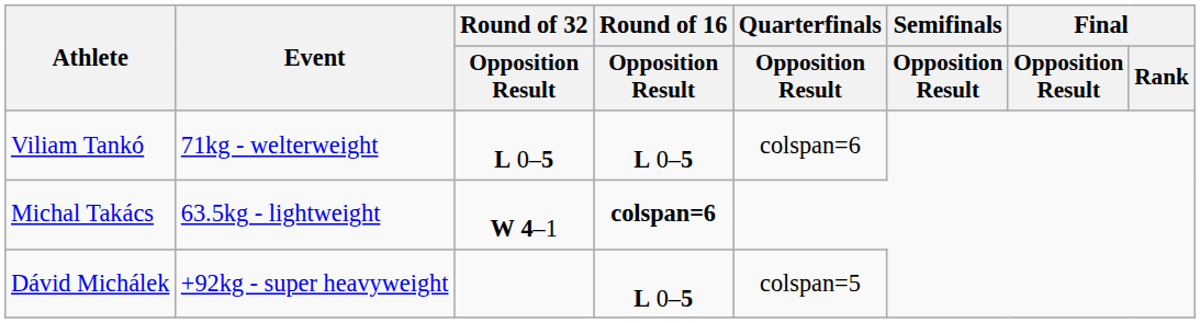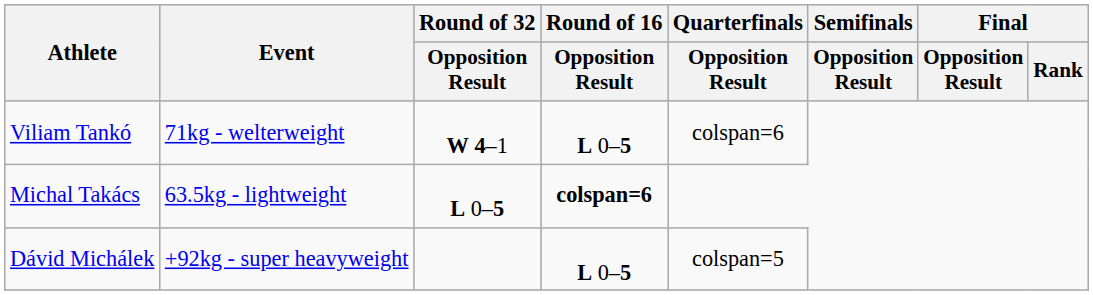 <table class="wikitable" style="font-size:90%">
 <tr>
 <th rowspan="2">Athlete</th>
 <th rowspan="2">Event</th>
 <th>Round of 32</th>
 <th>Round of 16</th>
 <th>Quarterfinals</th>
 <th>Semifinals</th>
 <th colspan=2>Final</th>
 </tr>
 <tr style="font-size:95%">
 <th>Opposition<br>Result</th>
 <th>Opposition<br>Result</th>
 <th>Opposition<br>Result</th>
 <th>Opposition<br>Result</th>
 <th>Opposition<br>Result</th>
 <th>Rank</th>
 </tr>
 <tr align=center>
 <td align=left><a href='#'>Viliam Tankó</a></td>
 <td align=left><a href='#'>71kg - welterweight</a></td>
-<td><br> <strong>L</strong> 0–<strong>5</strong></td>
+<td><br> <strong>W</strong> <strong>4</strong>–1</td>
 <td><br> <strong>L</strong> 0–<strong>5</strong></td>
 <td>colspan=6 </td>
 </tr>
 <tr align=center>
 <td align=left><a href='#'>Michal Takács</a></td>
 <td align=left><a href='#'>63.5kg - lightweight</a></td>
-<td><br> <strong>W</strong> <strong>4</strong>–1</td>
+<td><br> <strong>L</strong> 0–<strong>5</strong></td>
 <td><strong>colspan=6 </strong></td>
 </tr>
 <tr align=center>
 <td align=left><a href='#'>Dávid Michálek</a></td>
 <td align=left><a href='#'>+92kg - super heavyweight</a></td>
 <td></td>
 <td><br> <strong>L</strong> 0–<strong>5</strong></td>
 <td>colspan=5 </td>
 </tr>
 </table>
